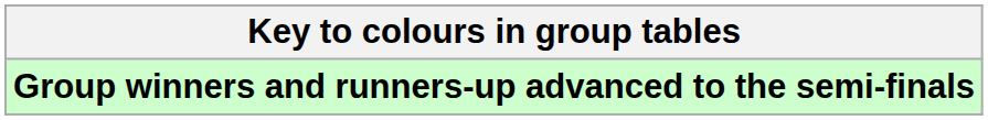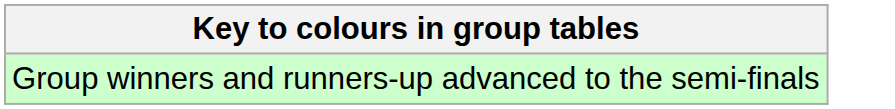 <table class="wikitable">
 <tr>
 <th colspan=2>Key to colours in group tables</th>
 </tr>
 <tr>
-<td bgcolor=#ccffcc><strong>Group winners and runners-up advanced to the semi-finals</strong></td>
+<td bgcolor=#ccffcc>Group winners and runners-up advanced to the semi-finals</td>
 </tr>
 </table>
